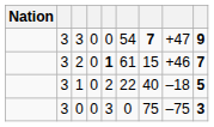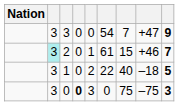 <table class="wikitable" style="text-align: center;">
 <tr>
 <th>Nation</th>
 <th></th>
 <th></th>
 <th></th>
 <th></th>
 <th></th>
 <th></th>
 <th></th>
 <th></th>
 </tr>
 <tr>
 <td align="left"></td>
 <td>3</td>
 <td>3</td>
 <td>0</td>
 <td>0</td>
 <td>54</td>
-<td><strong>7</strong></td>
+<td>7</td>
 <td>+47</td>
 <td><strong>9</strong></td>
 </tr>
 <tr>
 <td align="left"></td>
-<td>3</td>
+<td style="background: paleturquoise;">3</td>
 <td>2</td>
 <td>0</td>
-<td><strong>1</strong></td>
+<td>1</td>
 <td>61</td>
 <td>15</td>
 <td>+46</td>
 <td><strong>7</strong></td>
 </tr>
 <tr>
 <td align="left"></td>
 <td>3</td>
 <td>1</td>
 <td>0</td>
 <td>2</td>
 <td>22</td>
 <td>40</td>
 <td>–18</td>
 <td><strong>5</strong></td>
 </tr>
 <tr>
 <td align="left"></td>
 <td>3</td>
 <td>0</td>
-<td>0</td>
+<td><strong>0</strong></td>
 <td>3</td>
 <td>0</td>
 <td>75</td>
 <td>–75</td>
 <td><strong>3</strong></td>
 </tr>
 </table>
